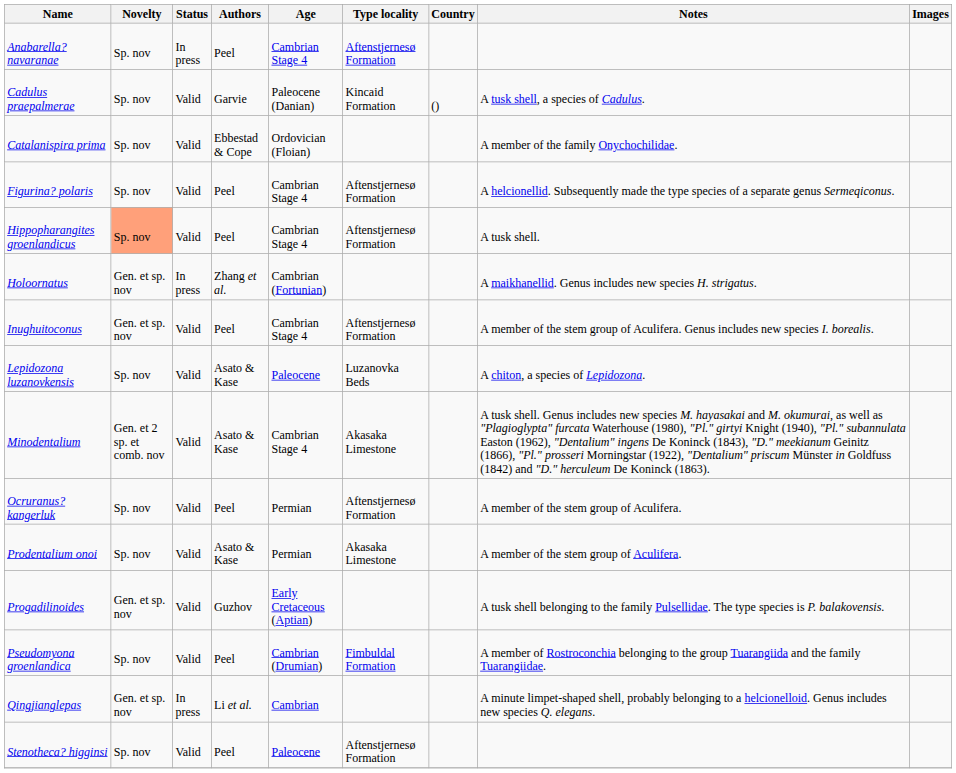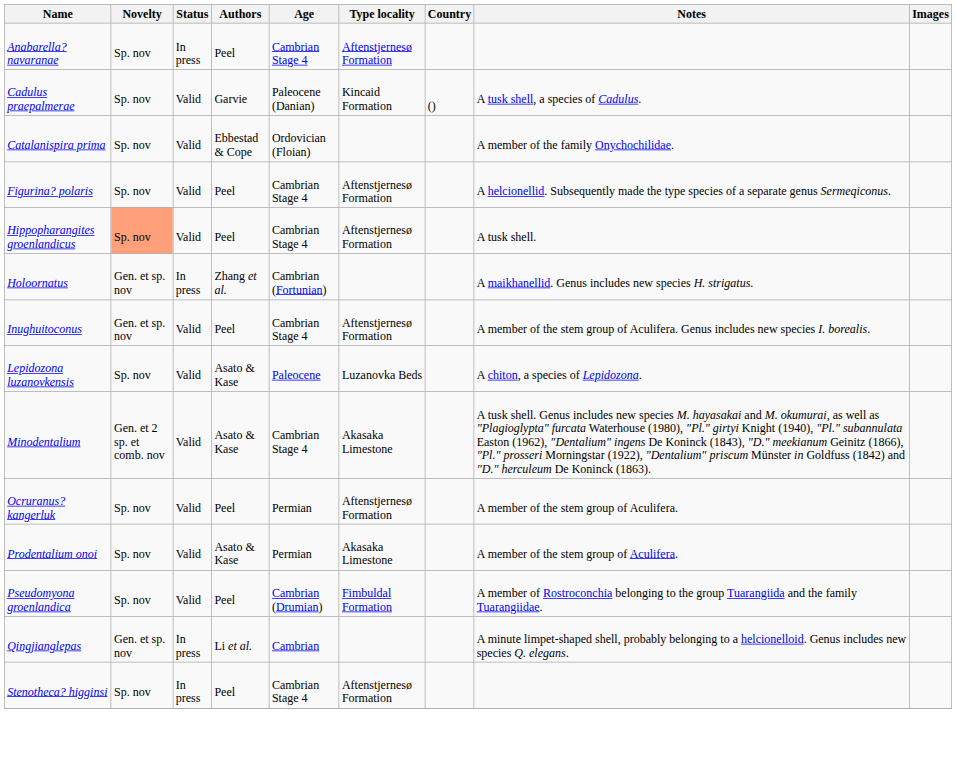 <table class="wikitable sortable" align="center" width="100%">
 <tr>
 <th>Name</th>
 <th>Novelty</th>
 <th>Status</th>
 <th>Authors</th>
 <th>Age</th>
 <th>Type locality</th>
 <th>Country</th>
 <th>Notes</th>
 <th>Images</th>
 </tr>
 <tr>
 <td><br><em><a href='#'>Anabarella? navaranae</a></em></td>
 <td><br>Sp. nov</td>
 <td><br>In press</td>
 <td><br>Peel</td>
 <td><br><a href='#'>Cambrian Stage 4</a></td>
 <td><br><a href='#'>Aftenstjernesø Formation</a></td>
 <td><br></td>
 <td></td>
 <td></td>
 </tr>
 <tr>
 <td><br><em><a href='#'>Cadulus praepalmerae</a></em></td>
 <td><br>Sp. nov</td>
 <td><br>Valid</td>
 <td><br>Garvie</td>
 <td><br>Paleocene (Danian)</td>
 <td><br>Kincaid Formation</td>
 <td><br><br>()</td>
 <td><br>A <a href='#'>tusk shell</a>, a species of <em><a href='#'>Cadulus</a></em>.</td>
 <td></td>
 </tr>
 <tr>
 <td><br><em><a href='#'>Catalanispira prima</a></em></td>
 <td><br>Sp. nov</td>
 <td><br>Valid</td>
 <td><br>Ebbestad & Cope</td>
 <td><br>Ordovician (Floian)</td>
 <td></td>
 <td><br></td>
 <td><br>A member of the family <a href='#'>Onychochilidae</a>.</td>
 <td></td>
 </tr>
 <tr>
 <td><br><em><a href='#'>Figurina? polaris</a></em></td>
 <td><br>Sp. nov</td>
 <td><br>Valid</td>
 <td><br>Peel</td>
 <td><br>Cambrian Stage 4</td>
 <td><br>Aftenstjernesø Formation</td>
 <td><br></td>
 <td><br>A <a href='#'>helcionellid</a>. Subsequently made the type species of a separate genus <em>Sermeqiconus</em>.</td>
 <td></td>
 </tr>
 <tr>
 <td><br><em><a href='#'>Hippopharangites groenlandicus</a></em></td>
 <td style="background: lightsalmon;"><br>Sp. nov</td>
 <td><br>Valid</td>
 <td><br>Peel</td>
 <td><br>Cambrian Stage 4</td>
 <td><br>Aftenstjernesø Formation</td>
 <td><br></td>
 <td><br>A tusk shell.</td>
 <td></td>
 </tr>
 <tr>
 <td><br><em><a href='#'>Holoornatus</a></em></td>
 <td><br>Gen. et sp. nov</td>
 <td><br>In press</td>
 <td><br>Zhang <em>et al.</em></td>
 <td><br>Cambrian (<a href='#'>Fortunian</a>)</td>
 <td></td>
 <td><br></td>
 <td><br>A <a href='#'>maikhanellid</a>. Genus includes new species <em>H. strigatus</em>.</td>
 <td></td>
 </tr>
 <tr>
 <td><br><em><a href='#'>Inughuitoconus</a></em></td>
 <td><br>Gen. et sp. nov</td>
 <td><br>Valid</td>
 <td><br>Peel</td>
 <td><br>Cambrian Stage 4</td>
 <td><br>Aftenstjernesø Formation</td>
 <td><br></td>
 <td><br>A member of the stem group of Aculifera. Genus includes new species <em>I. borealis</em>.</td>
 <td></td>
 </tr>
 <tr>
 <td><br><em><a href='#'>Lepidozona luzanovkensis</a></em></td>
 <td><br>Sp. nov</td>
 <td><br>Valid</td>
 <td><br>Asato & Kase</td>
 <td><br><a href='#'>Paleocene</a></td>
 <td><br>Luzanovka Beds</td>
 <td><br></td>
 <td><br>A <a href='#'>chiton</a>, a species of <em><a href='#'>Lepidozona</a></em>.</td>
 <td></td>
 </tr>
 <tr>
 <td><br><em><a href='#'>Minodentalium</a></em></td>
 <td><br>Gen. et 2 sp. et comb. nov</td>
 <td><br>Valid</td>
 <td><br>Asato & Kase</td>
 <td><br>Cambrian Stage 4</td>
 <td><br>Akasaka Limestone</td>
 <td><br><br> <br> <br> </td>
 <td><br>A tusk shell. Genus includes new species <em>M. hayasakai</em> and <em>M. okumurai</em>, as well as <em>"Plagioglypta" furcata</em> Waterhouse (1980), <em>"Pl." girtyi</em> Knight (1940), <em>"Pl." subannulata</em> Easton (1962), <em>"Dentalium" ingens</em> De Koninck (1843), <em>"D." meekianum</em> Geinitz (1866), <em>"Pl." prosseri</em> Morningstar (1922), <em>"Dentalium" priscum</em> Münster <em>in</em> Goldfuss (1842) and <em>"D." herculeum</em> De Koninck (1863).</td>
 <td></td>
 </tr>
 <tr>
 <td><br><em><a href='#'>Ocruranus? kangerluk</a></em></td>
 <td><br>Sp. nov</td>
 <td><br>Valid</td>
 <td><br>Peel</td>
 <td><br>Permian</td>
 <td><br>Aftenstjernesø Formation</td>
 <td><br></td>
 <td><br>A member of the stem group of Aculifera.</td>
 <td></td>
 </tr>
 <tr>
 <td><br><em><a href='#'>Prodentalium onoi</a></em></td>
 <td><br>Sp. nov</td>
 <td><br>Valid</td>
 <td><br>Asato & Kase</td>
 <td><br>Permian</td>
 <td><br>Akasaka Limestone</td>
 <td><br></td>
 <td><br>A member of the stem group of <a href='#'>Aculifera</a>.</td>
 <td></td>
 </tr>
 <tr>
-<td><br><em><a href='#'>Progadilinoides</a></em></td>
-<td><br>Gen. et sp. nov</td>
-<td><br>Valid</td>
-<td><br>Guzhov</td>
-<td><br><a href='#'>Early Cretaceous</a> (<a href='#'>Aptian</a>)</td>
-<td></td>
-<td><br></td>
-<td><br>A tusk shell belonging to the family <a href='#'>Pulsellidae</a>. The type species is <em>P. balakovensis</em>.</td>
-<td></td>
-</tr>
-<tr>
 <td><br><em><a href='#'>Pseudomyona groenlandica</a></em></td>
 <td><br>Sp. nov</td>
 <td><br>Valid</td>
 <td><br>Peel</td>
 <td><br><a href='#'>Cambrian</a> (<a href='#'>Drumian</a>)</td>
 <td><br><a href='#'>Fimbuldal Formation</a></td>
 <td><br></td>
 <td><br>A member of <a href='#'>Rostroconchia</a> belonging to the group <a href='#'>Tuarangiida</a> and the family <a href='#'>Tuarangiidae</a>.</td>
 <td></td>
 </tr>
 <tr>
 <td><br><em><a href='#'>Qingjianglepas</a></em></td>
 <td><br>Gen. et sp. nov</td>
 <td><br>In press</td>
 <td><br>Li <em>et al.</em></td>
 <td><br><a href='#'>Cambrian</a></td>
 <td></td>
 <td><br></td>
 <td><br>A minute limpet-shaped shell, probably belonging to a <a href='#'>helcionelloid</a>. Genus includes new species <em>Q. elegans</em>.</td>
 <td></td>
 </tr>
 <tr>
 <td><br><em><a href='#'>Stenotheca? higginsi</a></em></td>
 <td><br>Sp. nov</td>
-<td><br>Valid</td>
+<td><br>In press</td>
 <td><br>Peel</td>
-<td><br><a href='#'>Paleocene</a></td>
+<td><br>Cambrian Stage 4</td>
 <td><br>Aftenstjernesø Formation</td>
 <td><br></td>
 <td></td>
 <td></td>
 </tr>
 <tr>
 </tr>
 </table>
